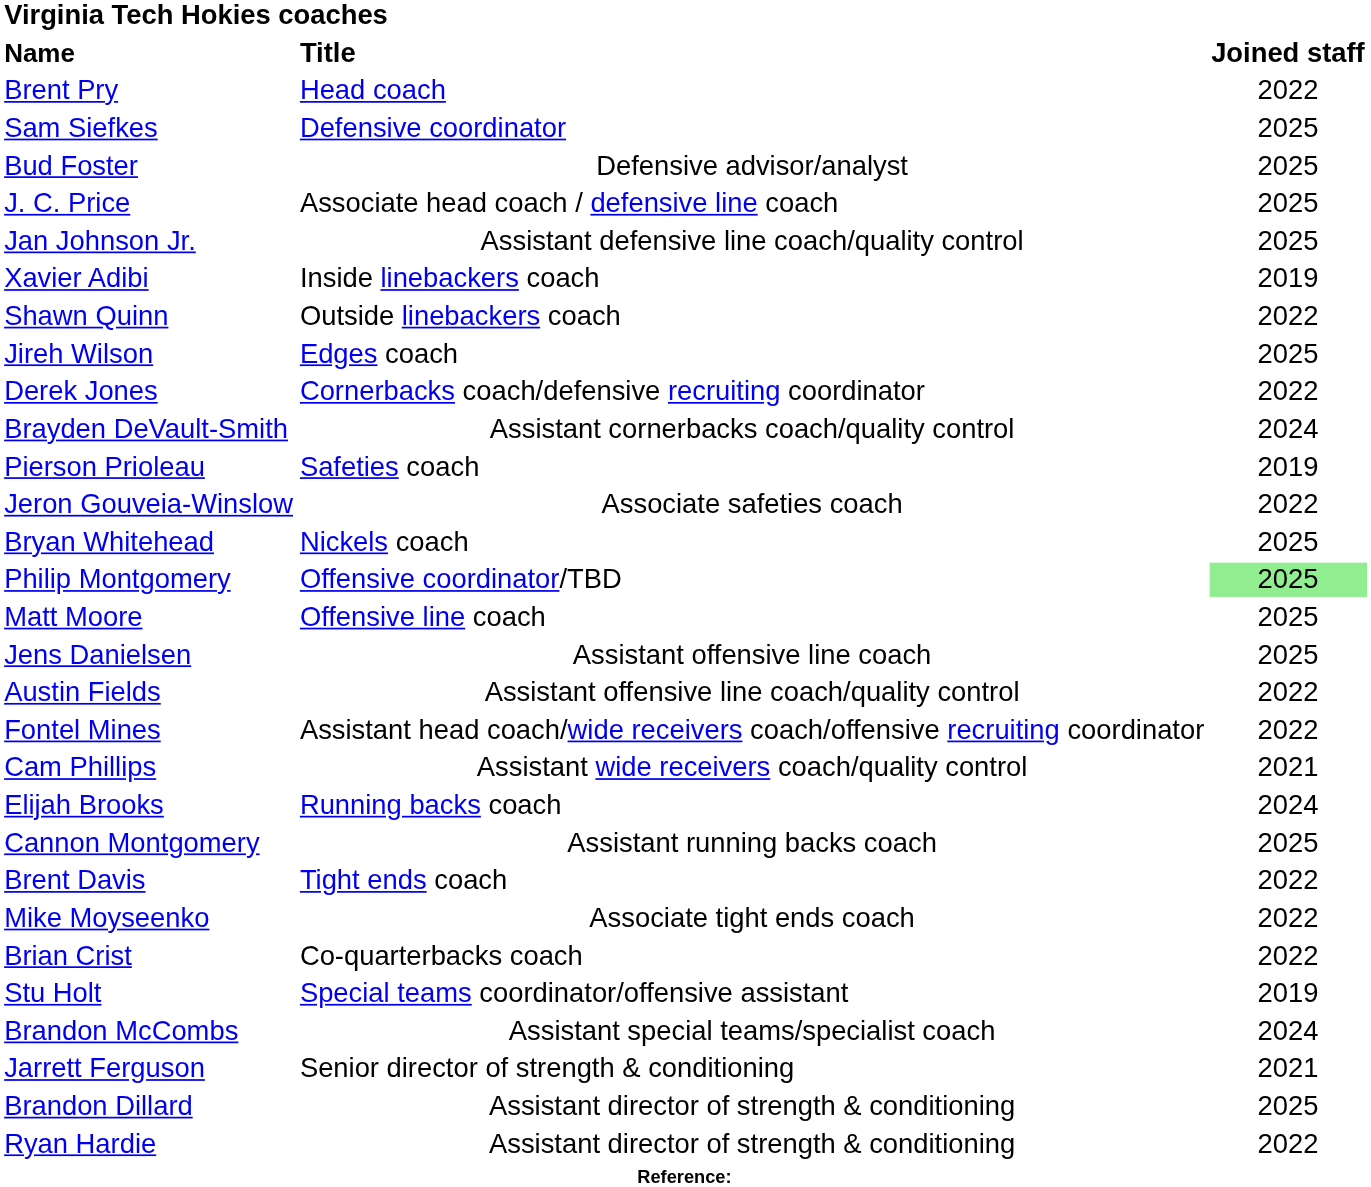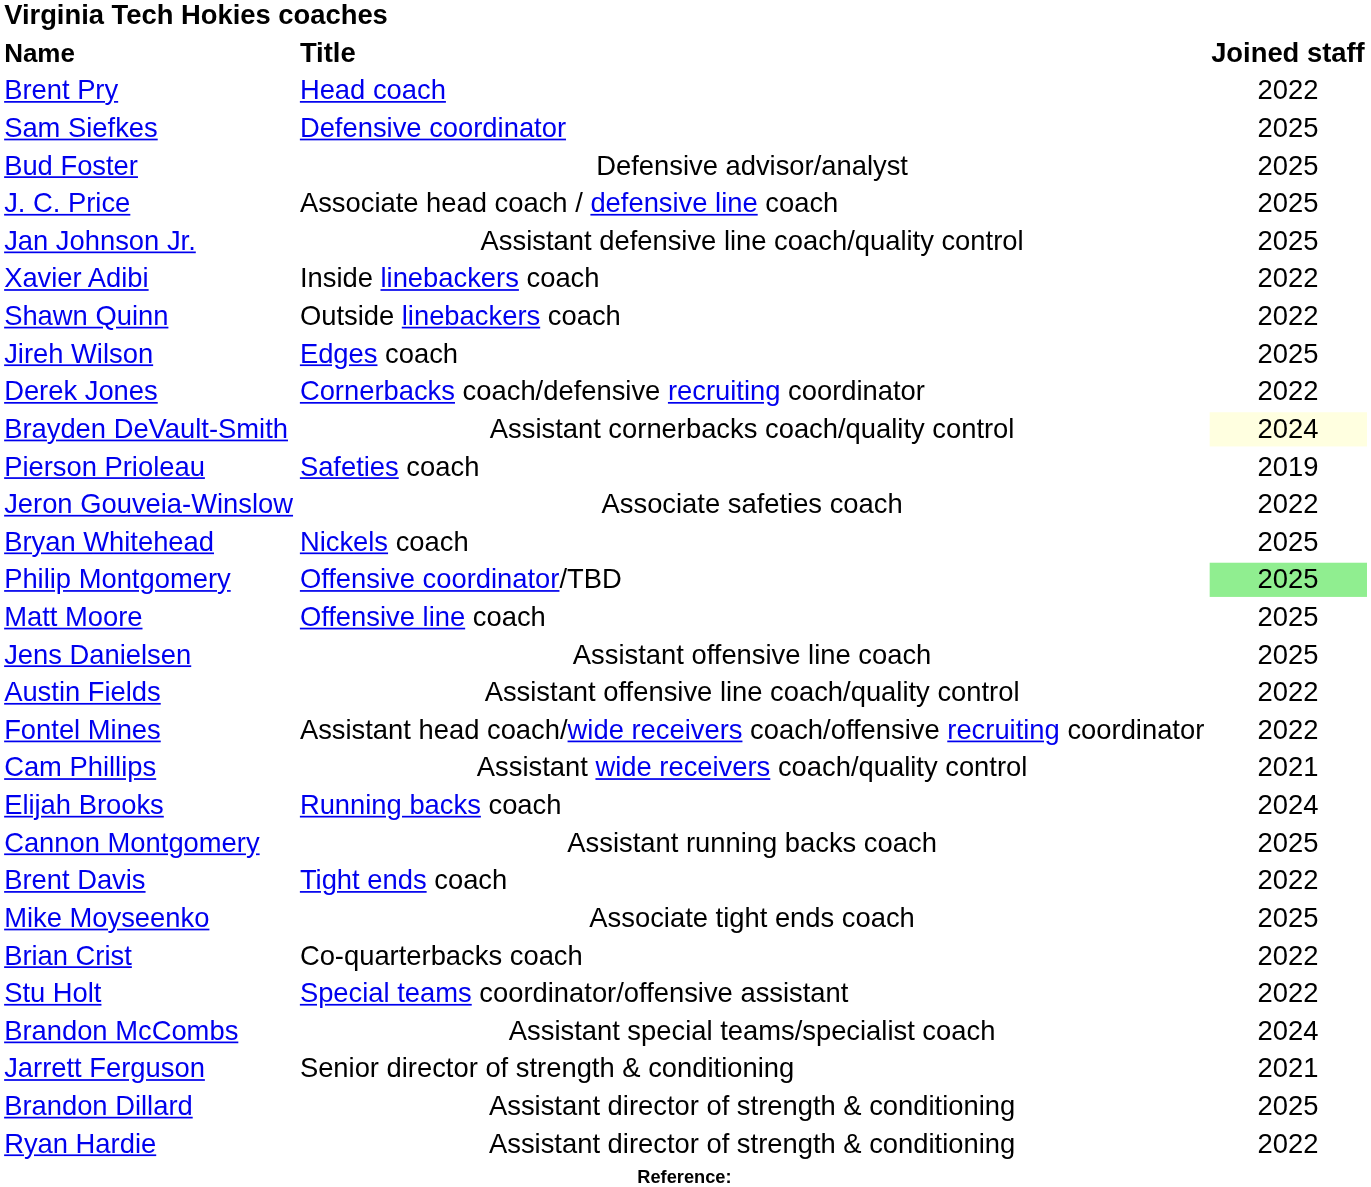 <table class="toccolours" style="text-align: left;">
 <tr>
 <td colspan="9"><strong>Virginia Tech Hokies coaches</strong></td>
 </tr>
 <tr>
 <td style="font-size: 95%;" valign="top"><strong>Name</strong></td>
 <td><strong>Title</strong></td>
 <td><strong>Joined staff</strong></td>
 </tr>
 <tr>
 <td><a href='#'>Brent Pry</a></td>
 <td><a href='#'>Head coach</a></td>
 <td align=center>2022</td>
 </tr>
 <tr>
 <td><a href='#'>Sam Siefkes</a></td>
 <td><a href='#'>Defensive coordinator</a></td>
 <td align="center">2025</td>
 </tr>
 <tr>
 <td><a href='#'>Bud Foster</a></td>
 <td align=center>Defensive advisor/analyst</td>
 <td align=center>2025</td>
 </tr>
 <tr>
 <td><a href='#'>J. C. Price</a></td>
 <td>Associate head coach / <a href='#'>defensive line</a> coach</td>
 <td align="center">2025</td>
 </tr>
 <tr>
 <td><a href='#'>Jan Johnson Jr.</a></td>
 <td align="center">Assistant defensive line coach/quality control</td>
 <td align="center">2025</td>
 </tr>
 <tr>
 <td><a href='#'>Xavier Adibi</a></td>
 <td>Inside <a href='#'>linebackers</a> coach</td>
-<td align=center>2019</td>
+<td align=center>2022</td>
 </tr>
 <tr>
 <td><a href='#'>Shawn Quinn</a></td>
 <td>Outside <a href='#'>linebackers</a> coach</td>
 <td align="center">2022</td>
 </tr>
 <tr>
 <td><a href='#'>Jireh Wilson</a></td>
 <td><a href='#'>Edges</a> coach</td>
 <td align=center>2025</td>
 </tr>
 <tr>
 <td><a href='#'>Derek Jones</a></td>
 <td><a href='#'>Cornerbacks</a> coach/defensive <a href='#'>recruiting</a> coordinator</td>
 <td align=center>2022</td>
 </tr>
 <tr>
 <td><a href='#'>Brayden DeVault-Smith</a></td>
 <td align="center">Assistant cornerbacks coach/quality control</td>
-<td align="center">2024</td>
+<td align="center" style="background: lightyellow;">2024</td>
 </tr>
 <tr>
 <td><a href='#'>Pierson Prioleau</a></td>
 <td><a href='#'>Safeties</a> coach</td>
 <td align="center">2019</td>
 </tr>
 <tr>
 <td><a href='#'>Jeron Gouveia-Winslow</a></td>
 <td align=center>Associate safeties coach</td>
 <td align=center>2022</td>
 </tr>
 <tr>
 <td><a href='#'>Bryan Whitehead</a></td>
 <td><a href='#'>Nickels</a> coach</td>
 <td align=center>2025</td>
 </tr>
 <tr>
 <td><a href='#'>Philip Montgomery</a></td>
 <td><a href='#'>Offensive coordinator</a>/TBD</td>
 <td align=center style="background: lightgreen;">2025</td>
 </tr>
 <tr>
 <td><a href='#'>Matt Moore</a></td>
 <td><a href='#'>Offensive line</a> coach</td>
 <td align="center">2025</td>
 </tr>
 <tr>
 <td><a href='#'>Jens Danielsen</a></td>
 <td align="center">Assistant offensive line coach</td>
 <td align="center">2025</td>
 </tr>
 <tr>
 <td><a href='#'>Austin Fields</a></td>
 <td align="center">Assistant offensive line coach/quality control</td>
 <td align="center">2022</td>
 </tr>
 <tr>
 <td><a href='#'>Fontel Mines</a></td>
 <td>Assistant head coach/<a href='#'>wide receivers</a> coach/offensive <a href='#'>recruiting</a> coordinator</td>
 <td align="center">2022</td>
 </tr>
 <tr>
 <td><a href='#'>Cam Phillips</a></td>
 <td align="center">Assistant <a href='#'>wide receivers</a> coach/quality control</td>
 <td align="center">2021</td>
 </tr>
 <tr>
 <td><a href='#'>Elijah Brooks</a></td>
 <td><a href='#'>Running backs</a> coach</td>
 <td align="center">2024</td>
 </tr>
 <tr>
 <td><a href='#'>Cannon Montgomery</a></td>
 <td align="center">Assistant running backs coach</td>
 <td align="center">2025</td>
 </tr>
 <tr>
 <td><a href='#'>Brent Davis</a></td>
 <td><a href='#'>Tight ends</a> coach</td>
 <td align=center>2022</td>
 </tr>
 <tr>
 <td><a href='#'>Mike Moyseenko</a></td>
 <td align=center>Associate tight ends coach</td>
-<td align=center>2022</td>
+<td align=center>2025</td>
 </tr>
 <tr>
 <td><a href='#'>Brian Crist</a></td>
 <td>Co-quarterbacks coach</td>
 <td align=center>2022</td>
 </tr>
 <tr>
 <td><a href='#'>Stu Holt</a></td>
 <td><a href='#'>Special teams</a> coordinator/offensive assistant</td>
-<td align="center">2019</td>
+<td align="center">2022</td>
 </tr>
 <tr>
 <td><a href='#'>Brandon McCombs</a></td>
 <td align=center>Assistant special teams/specialist coach</td>
 <td align=center>2024</td>
 </tr>
 <tr>
 <td><a href='#'>Jarrett Ferguson</a></td>
 <td>Senior director of strength & conditioning</td>
 <td align=center>2021</td>
 </tr>
 <tr>
 <td><a href='#'>Brandon Dillard</a></td>
 <td align=center>Assistant director of strength & conditioning</td>
 <td align=center>2025</td>
 </tr>
 <tr>
 <td><a href='#'>Ryan Hardie</a></td>
 <td align=center>Assistant director of strength & conditioning</td>
 <td align=center>2022</td>
 </tr>
 <tr>
 <td colspan="4" style="font-size:8pt; text-align:center;"><strong>Reference:</strong></td>
 </tr>
 </table>
